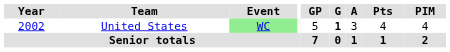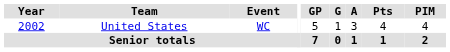 <table border="0" cellpadding="1" cellspacing="0" ID="Table3" style="text-align:center; width:40em">
 <tr bgcolor="#e0e0e0">
 <th>Year</th>
 <th>Team</th>
 <th>Event</th>
 <th rowspan="102" bgcolor="#ffffff"></th>
 <th>GP</th>
 <th>G</th>
 <th>A</th>
 <th>Pts</th>
 <th>PIM</th>
 </tr>
 <tr>
 <td><a href='#'>2002</a></td>
 <td><a href='#'>United States</a></td>
-<td style="background: lightgreen;"><a href='#'>WC</a></td>
+<td><a href='#'>WC</a></td>
 <td>5</td>
-<td><strong>1</strong></td>
+<td>1</td>
 <td>3</td>
 <td>4</td>
 <td>4</td>
 </tr>
 <tr bgcolor="#e0e0e0">
 <th colspan="4">Senior totals</th>
 <th>7</th>
 <th>0</th>
 <th>1</th>
 <th>1</th>
 <th>2</th>
 </tr>
 </table>
